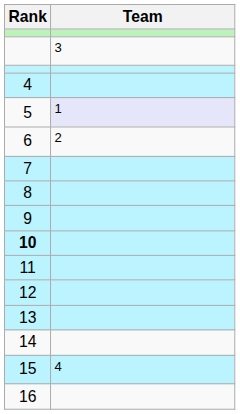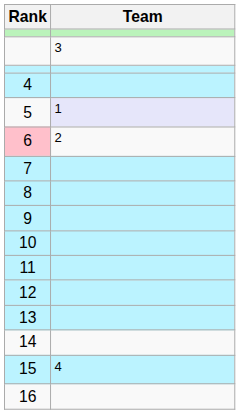 <table class="wikitable" style="text-align: center;">
 <tr>
 <th width=40>Rank</th>
 <th width=180>Team</th>
 </tr>
 <tr bgcolor=#bbf3bb>
 <td></td>
 <td align=left></td>
 </tr>
 <tr>
 <td></td>
 <td align=left><sup>3</sup></td>
 </tr>
 <tr bgcolor=#bbf3ff>
 <td></td>
 <td align=left></td>
 </tr>
 <tr bgcolor=#bbf3ff>
 <td>4</td>
 <td align=left></td>
 </tr>
 <tr>
 <td>5</td>
 <td align=left style="background: lavender;"><sup>1</sup></td>
 </tr>
 <tr>
-<td>6</td>
+<td style="background: pink;">6</td>
 <td align=left><sup>2</sup></td>
 </tr>
 <tr bgcolor=#bbf3ff>
 <td>7</td>
 <td align=left></td>
 </tr>
 <tr bgcolor=#bbf3ff>
 <td>8</td>
 <td align=left></td>
 </tr>
 <tr bgcolor=#bbf3ff>
 <td>9</td>
 <td align=left></td>
 </tr>
 <tr bgcolor=#bbf3ff>
-<td><strong>10</strong></td>
+<td>10</td>
 <td align=left></td>
 </tr>
 <tr bgcolor=#bbf3ff>
 <td>11</td>
 <td align=left></td>
 </tr>
 <tr bgcolor=#bbf3ff>
 <td>12</td>
 <td align=left></td>
 </tr>
 <tr bgcolor=#bbf3ff>
 <td>13</td>
 <td align=left></td>
 </tr>
 <tr>
 <td>14</td>
 <td align=left></td>
 </tr>
 <tr bgcolor=#bbf3ff>
 <td>15</td>
 <td align=left><sup>4</sup></td>
 </tr>
 <tr>
 <td>16</td>
 <td align=left></td>
 </tr>
 </table>
